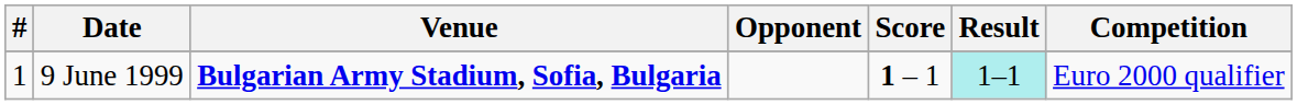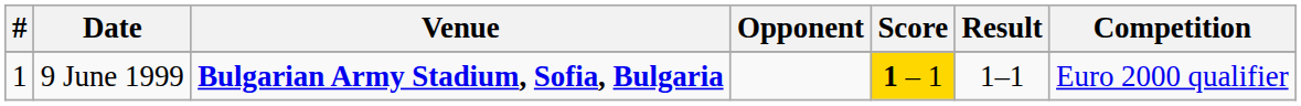 <table class="wikitable" border="1">
 <tr>
 <th>#</th>
 <th>Date</th>
 <th>Venue</th>
 <th>Opponent</th>
 <th>Score</th>
 <th>Result</th>
 <th>Competition</th>
 </tr>
 <tr>
 </tr>
 <tr>
 <td>1</td>
 <td>9 June 1999</td>
 <td><strong><a href='#'>Bulgarian Army Stadium</a>, <a href='#'>Sofia</a>, <a href='#'>Bulgaria</a></strong></td>
 <td></td>
-<td align=center><strong>1</strong> – 1</td>
-<td align=center style="background: paleturquoise;">1–1</td>
+<td align=center style="background: gold;"><strong>1</strong> – 1</td>
+<td align=center>1–1</td>
 <td><a href='#'>Euro 2000 qualifier</a></td>
 </tr>
 </table>
